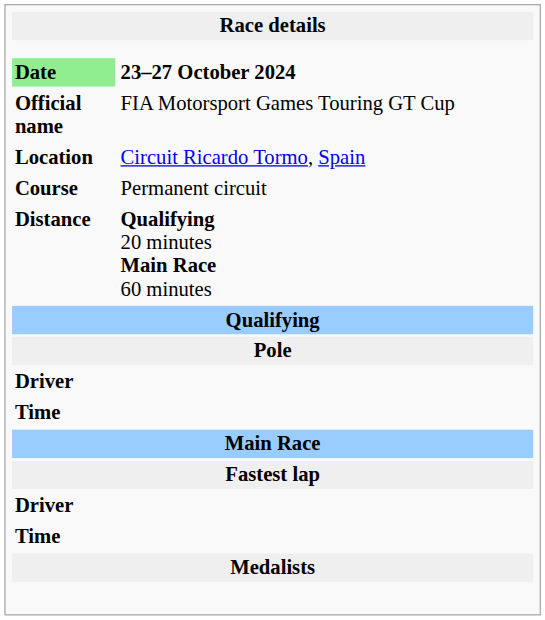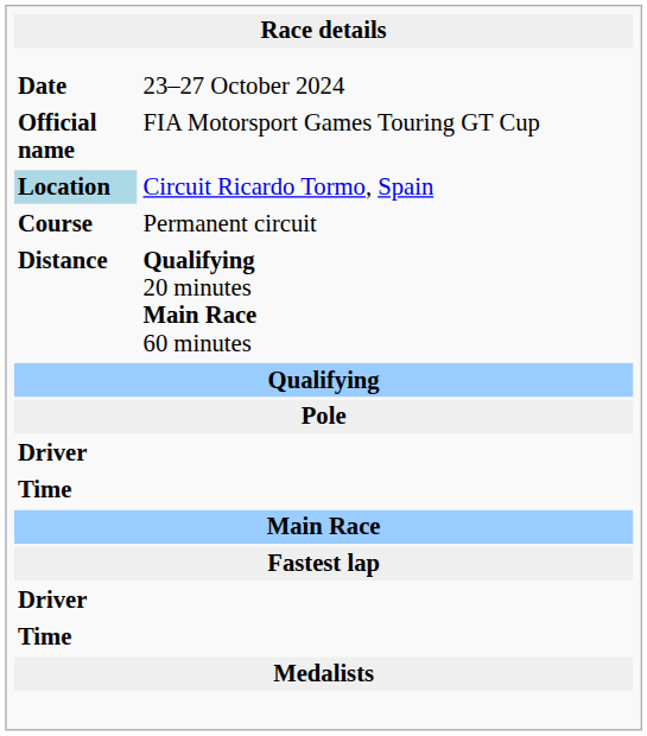 <table class="infobox" align="right" cellpadding="2" style="float:right; width: 26em; ">
 <tr>
 <th colspan="3" bgcolor="#efefef">Race details</th>
 </tr>
 <tr>
 <td colspan="3" style="text-align:center;"></td>
 </tr>
 <tr>
 <td colspan="3" style="text-align:center;"></td>
 </tr>
 <tr>
-<td style="background: lightgreen; width: 20%;"><strong>Date</strong></td>
-<td><strong>23–27 October 2024</strong></td>
+<td style="width: 20%;"><strong>Date</strong></td>
+<td>23–27 October 2024</td>
 </tr>
 <tr>
 <td><strong>Official name</strong></td>
 <td colspan=2>FIA Motorsport Games Touring GT Cup</td>
 </tr>
 <tr>
-<td><strong>Location</strong></td>
+<td style="background: lightblue;"><strong>Location</strong></td>
 <td colspan=2> <a href='#'>Circuit Ricardo Tormo</a>, <a href='#'>Spain</a></td>
 </tr>
 <tr>
 <td><strong>Course</strong></td>
 <td colspan=2>Permanent circuit<br></td>
 </tr>
 <tr>
 <td><strong>Distance</strong></td>
 <td colspan=2><strong>Qualifying</strong><br>20 minutes<br><strong>Main Race</strong><br>60 minutes</td>
 </tr>
 <tr>
 <td colspan=3 style="text-align:center; background-color:#99ccff"><strong>Qualifying</strong></td>
 </tr>
 <tr>
 <th colspan=3 bgcolor="#efefef">Pole</th>
 </tr>
 <tr>
 <td><strong>Driver</strong></td>
 <td></td>
 <td></td>
 </tr>
 <tr>
 <td><strong>Time</strong></td>
 <td colspan=2></td>
 </tr>
 <tr>
 <td colspan=3 style="text-align:center; background-color:#99ccff"><strong>Main Race</strong></td>
 </tr>
 <tr>
 <th colspan=3 bgcolor="#efefef">Fastest lap</th>
 </tr>
 <tr>
 <td><strong>Driver</strong></td>
 <td></td>
 <td></td>
 </tr>
 <tr>
 <td><strong>Time</strong></td>
 <td colspan=2></td>
 </tr>
 <tr>
 <th colspan=3 bgcolor="#efefef">Medalists</th>
 </tr>
 <tr>
 <td></td>
 <td></td>
 <td></td>
 </tr>
 <tr>
 <td></td>
 <td></td>
 <td></td>
 </tr>
 <tr>
 <td></td>
 <td></td>
 <td></td>
 </tr>
 <tr>
 </tr>
 </table>
